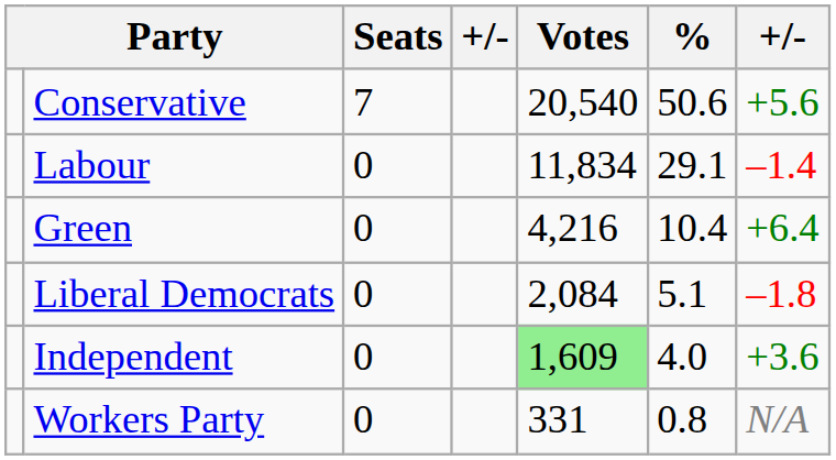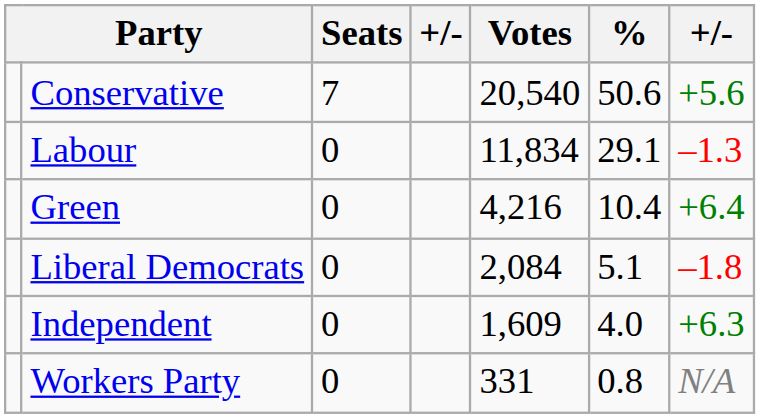 <table class="wikitable">
 <tr>
 <th colspan="2">Party</th>
 <th>Seats</th>
 <th>+/-</th>
 <th>Votes</th>
 <th>%</th>
 <th>+/-</th>
 </tr>
 <tr>
 <td style="background-color: "></td>
 <td><a href='#'>Conservative</a></td>
 <td>7</td>
 <td></td>
 <td>20,540</td>
 <td>50.6</td>
 <td style="color:green">+5.6</td>
 </tr>
 <tr>
 <td style="background-color: "></td>
 <td><a href='#'>Labour</a></td>
 <td>0</td>
 <td></td>
 <td>11,834</td>
 <td>29.1</td>
-<td style="color:red">–1.4</td>
+<td style="color:red">–1.3</td>
 </tr>
 <tr>
 <td style="background-color: "></td>
 <td><a href='#'>Green</a></td>
 <td>0</td>
 <td></td>
 <td>4,216</td>
 <td>10.4</td>
 <td style="color:green">+6.4</td>
 </tr>
 <tr>
 <td style="background-color: "></td>
 <td><a href='#'>Liberal Democrats</a></td>
 <td>0</td>
 <td></td>
 <td>2,084</td>
 <td>5.1</td>
 <td style="color:red">–1.8</td>
 </tr>
 <tr>
 <td style="background-color: "></td>
 <td><a href='#'>Independent</a></td>
 <td>0</td>
 <td></td>
-<td style="background: lightgreen;">1,609</td>
+<td>1,609</td>
 <td>4.0</td>
-<td span style="color:green">+3.6</td>
+<td span style="color:green">+6.3</td>
 </tr>
 <tr>
 <td style="background-color: "></td>
 <td><a href='#'>Workers Party</a></td>
 <td>0</td>
 <td></td>
 <td>331</td>
 <td>0.8</td>
 <td span style="color:grey"><em>N/A</em></td>
 </tr>
 </table>
